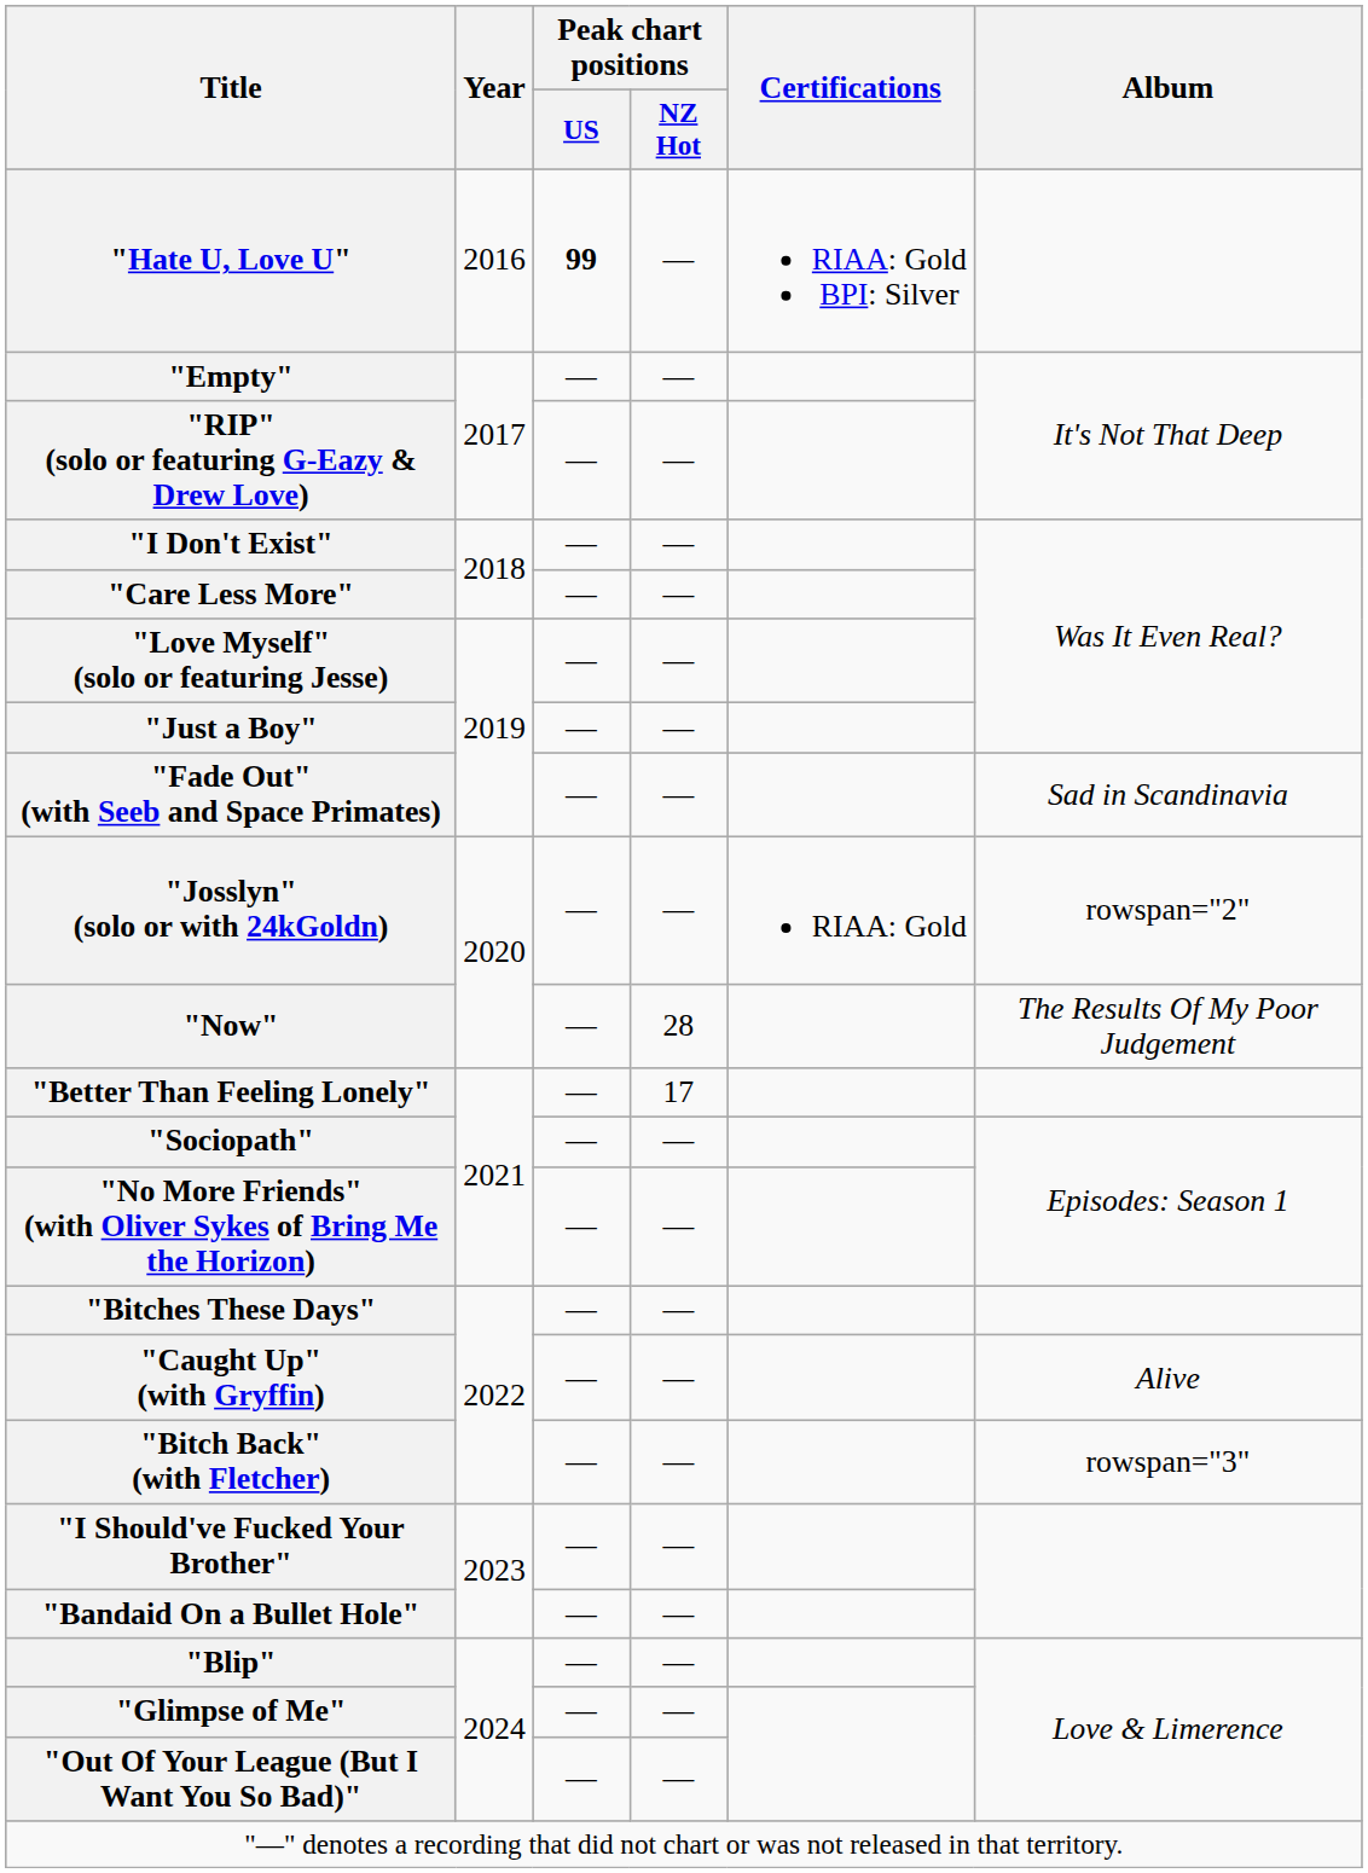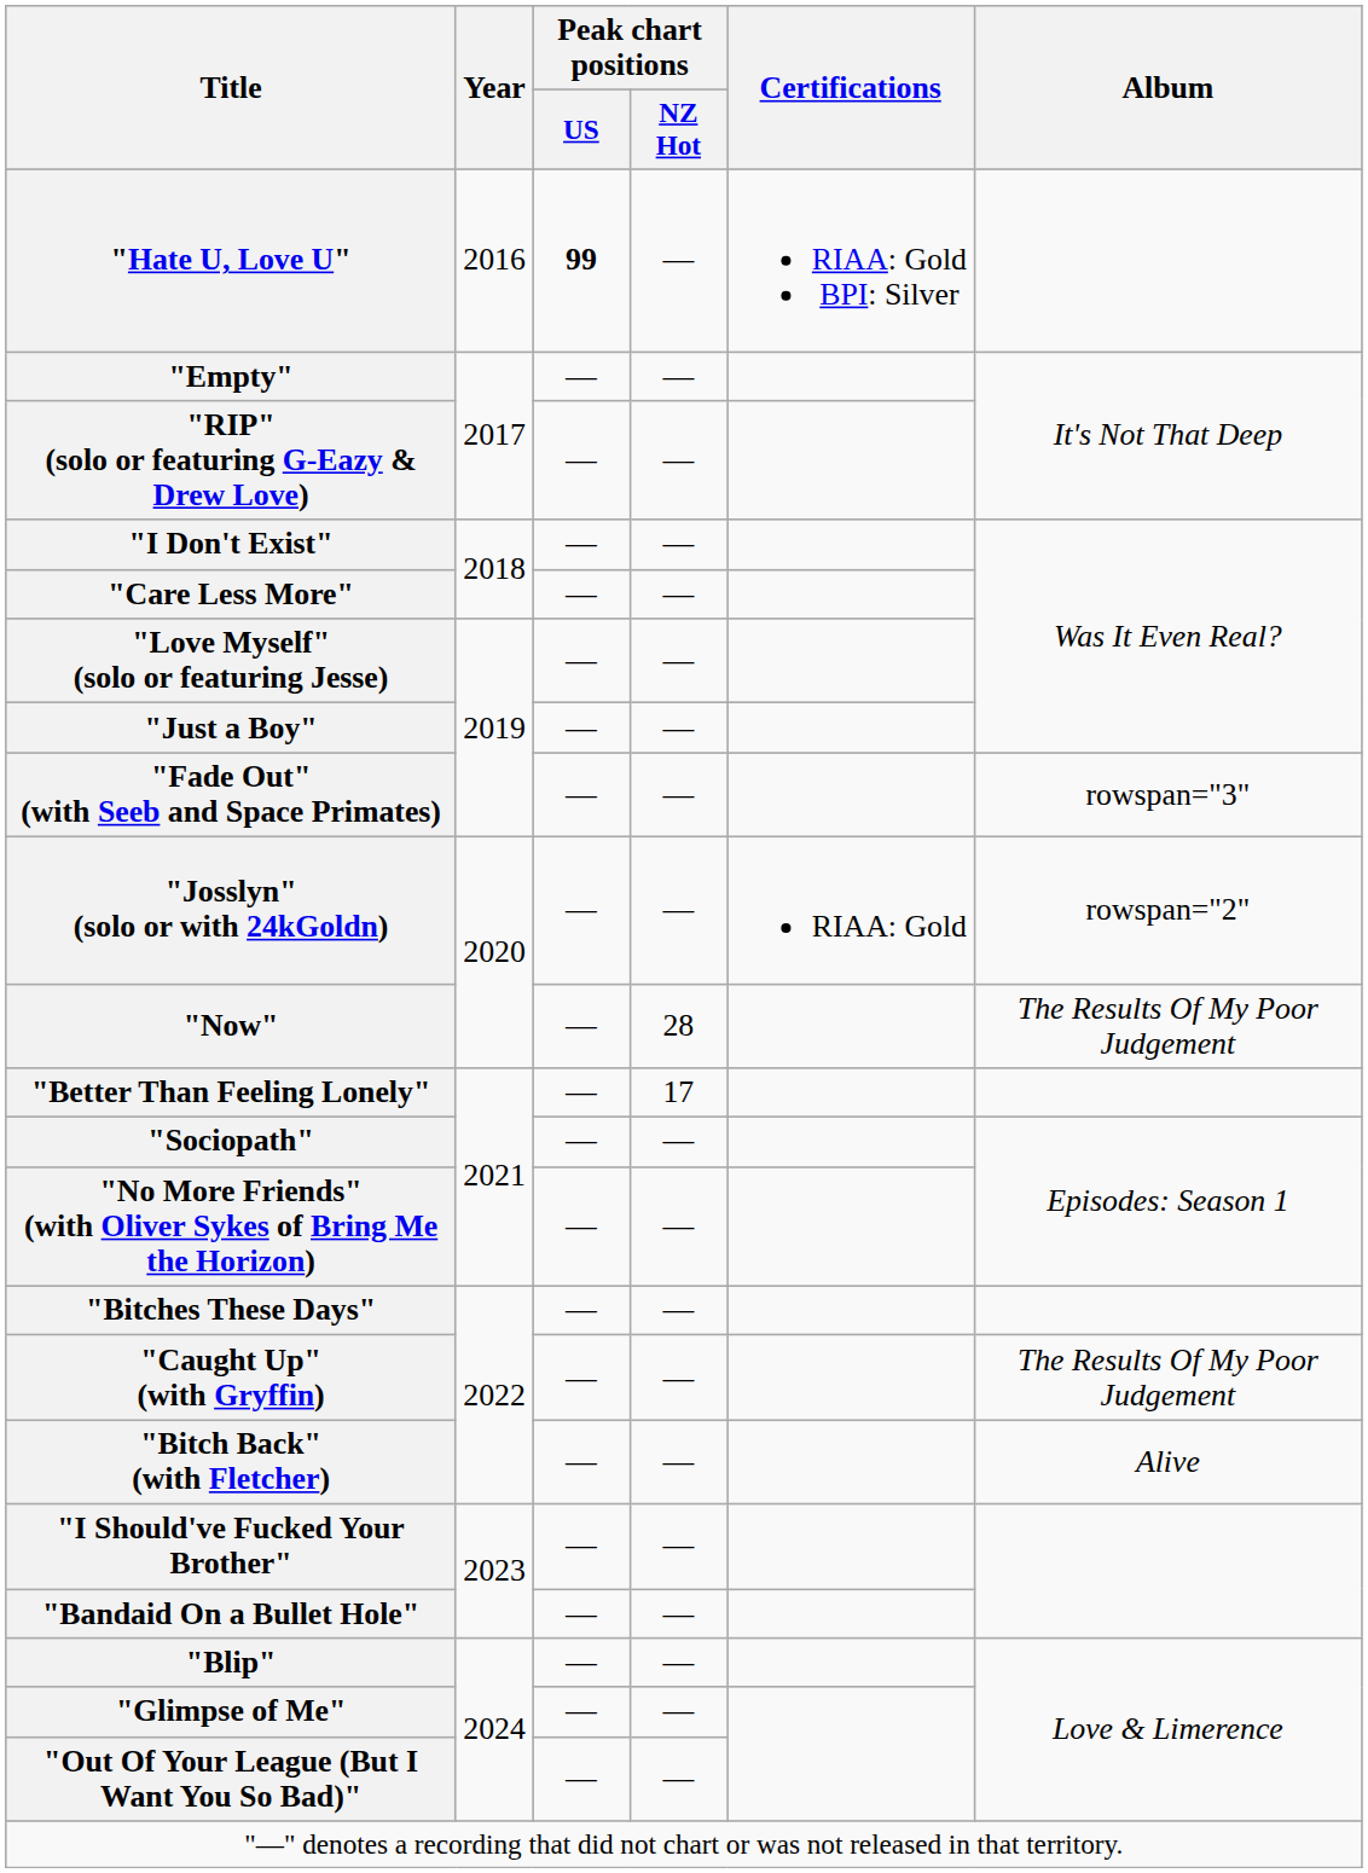 <table class="wikitable plainrowheaders" style="text-align:center;" border="1">
 <tr>
 <th scope="col" rowspan="2" style="width:14em;">Title</th>
 <th scope="col" rowspan="2" style="width:2em;">Year</th>
 <th colspan="2" scope="col">Peak chart positions</th>
 <th scope="col" rowspan="2"><a href='#'>Certifications</a></th>
 <th scope="col" rowspan="2" style="width:12em;">Album</th>
 </tr>
 <tr>
 <th scope="col" style="width:3em;font-size:90%;"><a href='#'>US</a><br></th>
 <th scope="col" style="width:3em;font-size:90%;"><a href='#'>NZ</a><br><a href='#'>Hot</a><br></th>
 </tr>
 <tr>
 <th scope="row">"<a href='#'>Hate U, Love U</a>"</th>
 <td>2016</td>
 <td><strong>99</strong></td>
 <td>—</td>
 <td><br><ul><li><a href='#'>RIAA</a>: Gold</li><li><a href='#'>BPI</a>: Silver</li></ul></td>
 <td></td>
 </tr>
 <tr>
 <th scope="row">"Empty"</th>
 <td rowspan="2">2017</td>
 <td>—</td>
 <td>—</td>
 <td></td>
 <td rowspan="2"><em>It's Not That Deep</em></td>
 </tr>
 <tr>
 <th scope="row">"RIP" <br><span>(solo or featuring <a href='#'>G-Eazy</a> & <a href='#'>Drew Love</a>)</span></th>
 <td>—</td>
 <td>—</td>
 <td></td>
 </tr>
 <tr>
 <th scope="row">"I Don't Exist"</th>
 <td rowspan="2">2018</td>
 <td>—</td>
 <td>—</td>
 <td></td>
 <td rowspan="4"><em>Was It Even Real?</em></td>
 </tr>
 <tr>
 <th scope="row">"Care Less More"</th>
 <td>—</td>
 <td>—</td>
 <td></td>
 </tr>
 <tr>
 <th scope="row">"Love Myself" <br><span>(solo or featuring Jesse)</span></th>
 <td rowspan="3">2019</td>
 <td>—</td>
 <td>—</td>
 <td></td>
 </tr>
 <tr>
 <th scope="row">"Just a Boy"</th>
 <td>—</td>
 <td>—</td>
 <td></td>
 </tr>
 <tr>
 <th scope="row">"Fade Out" <br><span>(with <a href='#'>Seeb</a> and Space Primates)</span></th>
 <td>—</td>
 <td>—</td>
 <td></td>
-<td><em>Sad in Scandinavia</em></td>
+<td>rowspan="3" </td>
 </tr>
 <tr>
 <th scope="row">"Josslyn" <br><span>(solo or with <a href='#'>24kGoldn</a>)</span></th>
 <td rowspan="2">2020</td>
 <td>—</td>
 <td>—</td>
 <td><br><ul><li>RIAA: Gold</li></ul></td>
 <td>rowspan="2" </td>
 </tr>
 <tr>
 <th scope="row">"Now"</th>
 <td>—</td>
 <td>28</td>
 <td></td>
 <td><em>The Results Of My Poor Judgement</em></td>
 </tr>
 <tr>
 <th scope="row">"Better Than Feeling Lonely"</th>
 <td rowspan="3">2021</td>
 <td>—</td>
 <td>17</td>
 <td></td>
 </tr>
 <tr>
 <th scope="row">"Sociopath"</th>
 <td>—</td>
 <td>—</td>
 <td></td>
 <td rowspan="2"><em>Episodes: Season 1</em></td>
 </tr>
 <tr>
 <th scope="row">"No More Friends" <br><span>(with <a href='#'>Oliver Sykes</a> of <a href='#'>Bring Me the Horizon</a>)</span></th>
 <td>—</td>
 <td>—</td>
 <td></td>
 </tr>
 <tr>
 <th scope="row">"Bitches These Days"</th>
 <td rowspan="3">2022</td>
 <td>—</td>
 <td>—</td>
 <td></td>
 <td></td>
 </tr>
 <tr>
 <th scope="row">"Caught Up"<br><span>(with <a href='#'>Gryffin</a>)</span></th>
 <td>—</td>
 <td>—</td>
 <td></td>
-<td><em>Alive</em></td>
+<td><em>The Results Of My Poor Judgement</em></td>
 </tr>
 <tr>
 <th scope="row">"Bitch Back"<br><span>(with <a href='#'>Fletcher</a>)</span></th>
 <td>—</td>
 <td>—</td>
 <td></td>
-<td>rowspan="3" </td>
+<td><em>Alive</em></td>
 </tr>
 <tr>
 <th scope="row">"I Should've Fucked Your Brother"</th>
 <td rowspan="2">2023</td>
 <td>—</td>
 <td>—</td>
 <td></td>
 </tr>
 <tr>
 <th scope="row">"Bandaid On a Bullet Hole"</th>
 <td>—</td>
 <td>—</td>
 <td></td>
 </tr>
 <tr>
 <th scope="row">"Blip"</th>
 <td rowspan="3">2024</td>
 <td>—</td>
 <td>—</td>
 <td></td>
 <td rowspan="3"><em>Love & Limerence</em></td>
 </tr>
 <tr>
 <th scope="row">"Glimpse of Me"</th>
 <td>—</td>
 <td>—</td>
 </tr>
 <tr>
 <th scope="row">"Out Of Your League (But I Want You So Bad)"</th>
 <td>—</td>
 <td>—</td>
 </tr>
 <tr>
 <td colspan="6" style="font-size:90%">"—" denotes a recording that did not chart or was not released in that territory.</td>
 </tr>
 </table>
